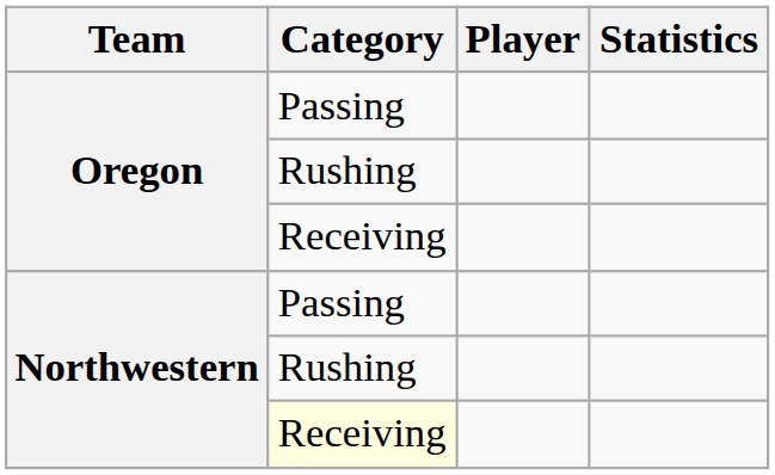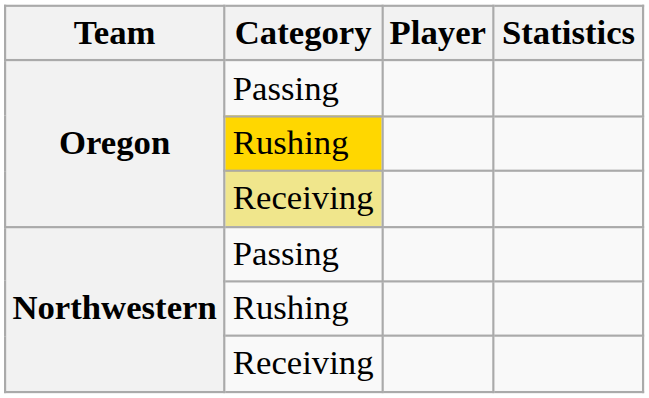 <table class="wikitable" style="float:right">
 <tr>
 <th>Team</th>
 <th>Category</th>
 <th>Player</th>
 <th>Statistics</th>
 </tr>
 <tr>
 <th rowspan=3>Oregon</th>
 <td>Passing</td>
 <td></td>
 <td></td>
 </tr>
 <tr>
-<td>Rushing</td>
+<td style="background: gold;">Rushing</td>
 <td></td>
 <td></td>
 </tr>
 <tr>
-<td>Receiving</td>
+<td style="background: khaki;">Receiving</td>
 <td></td>
 <td></td>
 </tr>
 <tr>
 <th rowspan=3>Northwestern</th>
 <td>Passing</td>
 <td></td>
 <td></td>
 </tr>
 <tr>
 <td>Rushing</td>
 <td></td>
 <td></td>
 </tr>
 <tr>
-<td style="background: lightyellow;">Receiving</td>
+<td>Receiving</td>
 <td></td>
 <td></td>
 </tr>
 </table>
